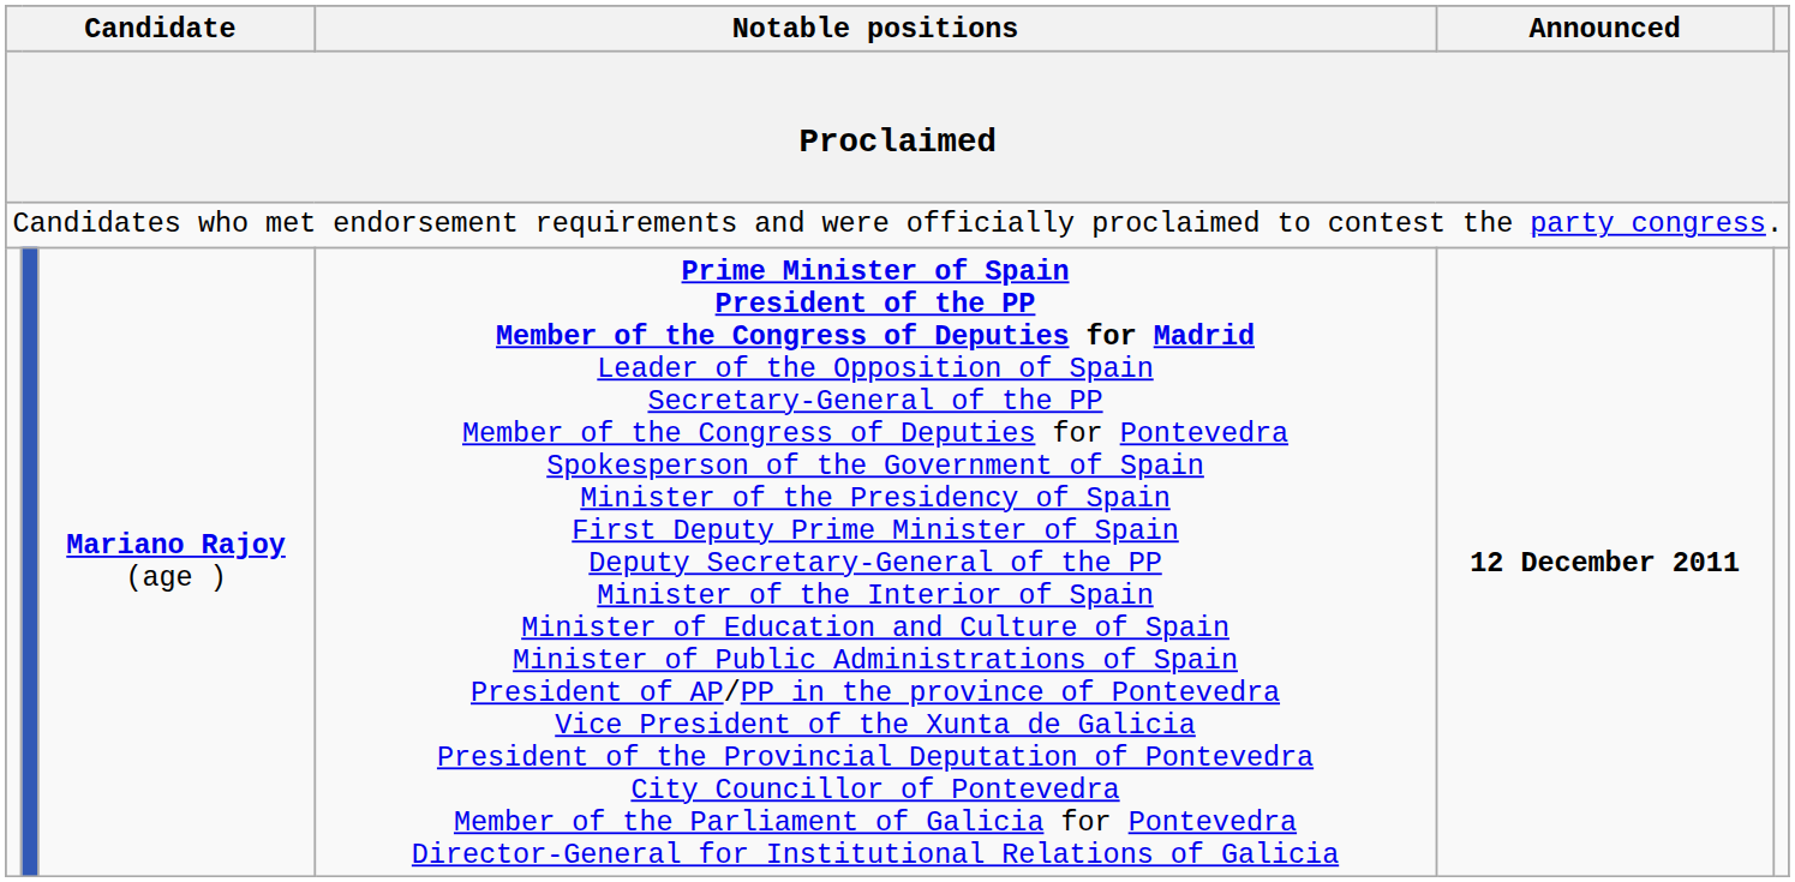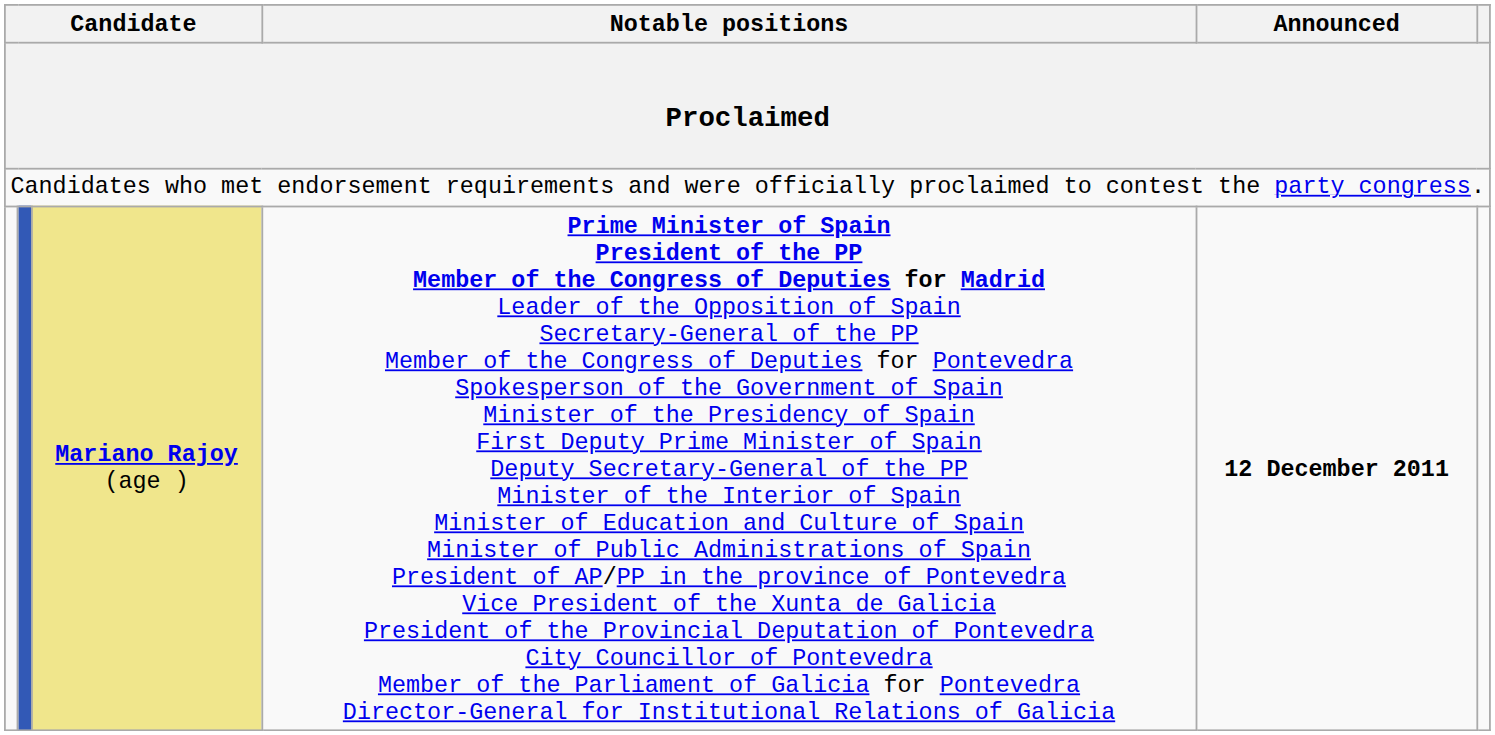 <table class="wikitable" style="text-align:center;">
 <tr>
 <th colspan="3">Candidate</th>
 <th>Notable positions</th>
 <th>Announced</th>
 <th></th>
 </tr>
 <tr>
 <th colspan="6"><br><h3>Proclaimed</h3></th>
 </tr>
 <tr>
 <td colspan="6">Candidates who met endorsement requirements and were officially proclaimed to contest the <a href='#'>party congress</a>.</td>
 </tr>
 <tr>
 <td></td>
 <td width="1px" style="color:inherit;background:#3259B6;"></td>
-<td><strong><a href='#'>Mariano Rajoy</a></strong><br>(age )</td>
+<td style="background: khaki;"><strong><a href='#'>Mariano Rajoy</a></strong><br>(age )</td>
 <td><strong><a href='#'>Prime Minister of Spain</a> <br><a href='#'>President of the PP</a> <br><a href='#'>Member of the Congress of Deputies</a> for <a href='#'>Madrid</a> </strong><br><a href='#'>Leader of the Opposition of Spain</a> <br><a href='#'>Secretary-General of the PP</a> <br><a href='#'>Member of the Congress of Deputies</a> for <a href='#'>Pontevedra</a> <br><a href='#'>Spokesperson of the Government of Spain</a> <br><a href='#'>Minister of the Presidency of Spain</a> <br><a href='#'>First Deputy Prime Minister of Spain</a> <br><a href='#'>Deputy Secretary-General of the PP</a> <br><a href='#'>Minister of the Interior of Spain</a> <br><a href='#'>Minister of Education and Culture of Spain</a> <br><a href='#'>Minister of Public Administrations of Spain</a> <br><a href='#'>President of AP</a>/<a href='#'>PP in the province of Pontevedra</a> <br><a href='#'>Vice President of the Xunta de Galicia</a> <br><a href='#'>President of the Provincial Deputation of Pontevedra</a> <br><a href='#'>City Councillor of Pontevedra</a> <br><a href='#'>Member of the Parliament of Galicia</a> for <a href='#'>Pontevedra</a> <br><a href='#'>Director-General for Institutional Relations of Galicia</a> </td>
 <td><strong>12 December 2011</strong></td>
 <td></td>
 </tr>
 </table>
